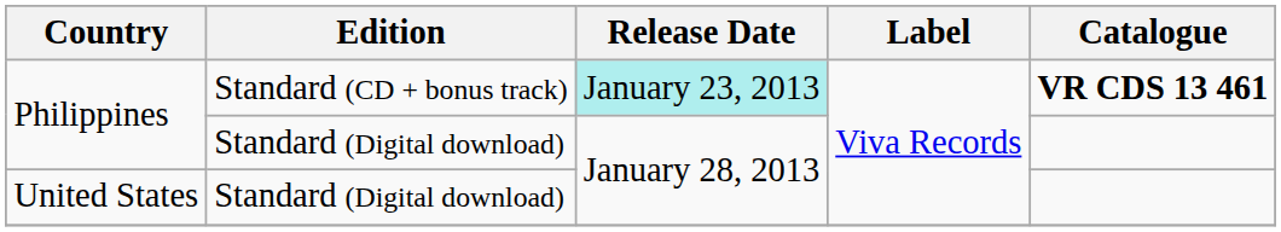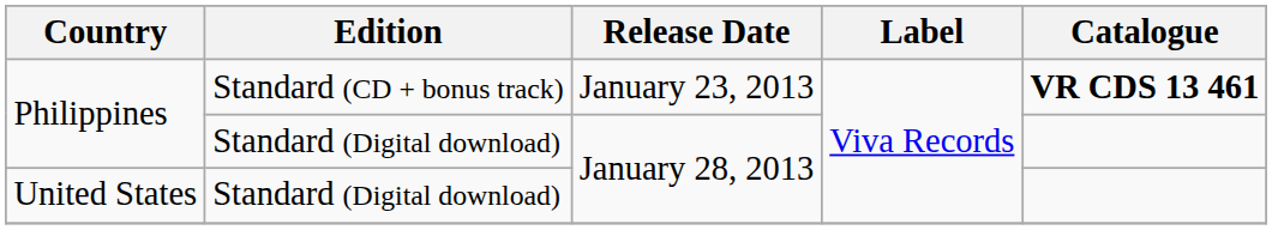 <table class="wikitable">
 <tr>
 <th>Country</th>
 <th>Edition</th>
 <th>Release Date</th>
 <th>Label</th>
 <th>Catalogue</th>
 </tr>
 <tr>
 <td rowspan="2">Philippines</td>
 <td>Standard <small>(CD + bonus track)</small></td>
-<td style="background: paleturquoise;">January 23, 2013</td>
+<td>January 23, 2013</td>
 <td rowspan="3"><a href='#'>Viva Records</a></td>
 <td><strong>VR CDS 13 461</strong></td>
 </tr>
 <tr>
 <td>Standard <small>(Digital download)</small></td>
 <td rowspan="2">January 28, 2013</td>
 <td></td>
 </tr>
 <tr>
 <td>United States</td>
 <td>Standard <small>(Digital download)</small></td>
 <td></td>
 </tr>
 <tr>
 </tr>
 </table>
